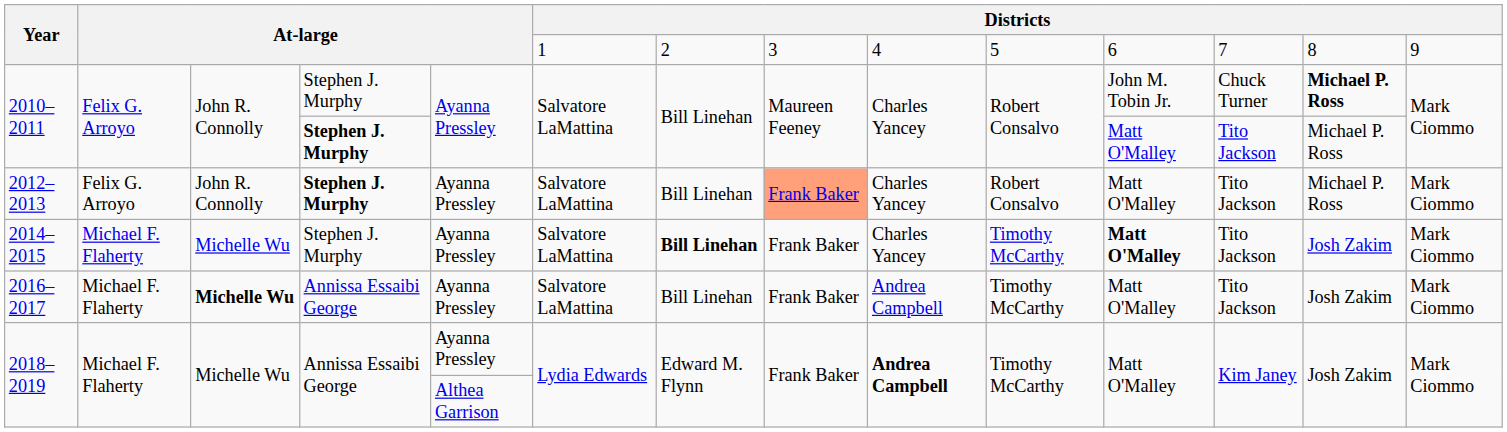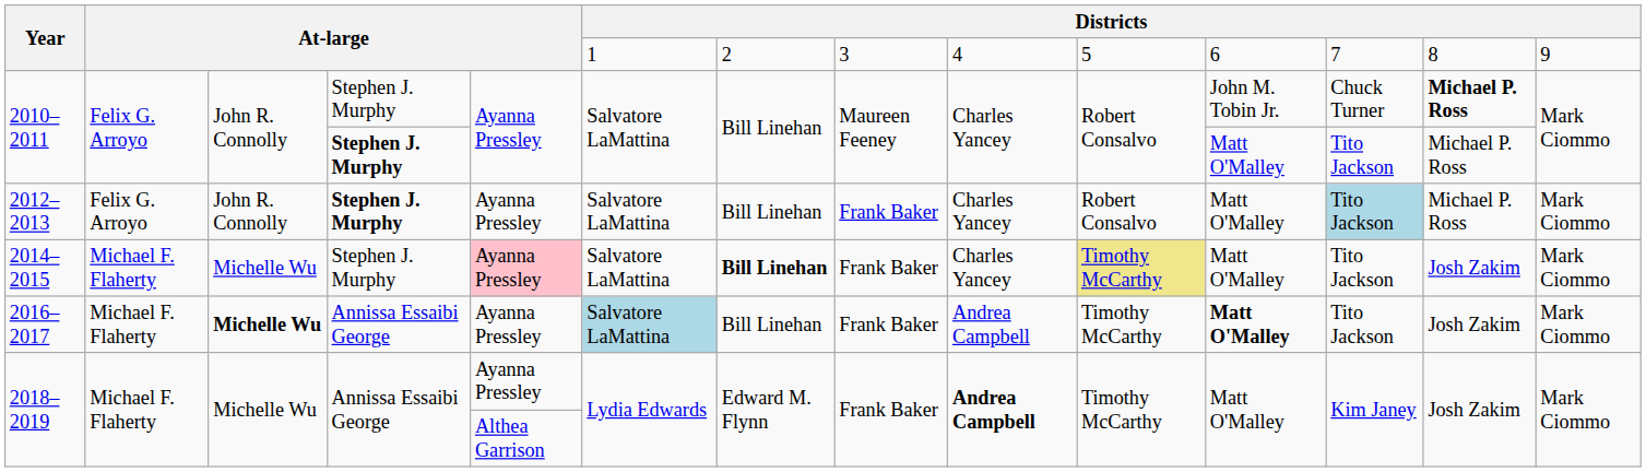 <table class=wikitable style="font-size: 95%;">
 <tr>
 <th rowspan=2>Year</th>
 <th rowspan=2 colspan=4>At-large</th>
 <th colspan=9>Districts</th>
 </tr>
 <tr>
 <td>1</td>
 <td>2</td>
 <td>3</td>
 <td>4</td>
 <td>5</td>
 <td>6</td>
 <td>7</td>
 <td>8</td>
 <td>9</td>
 </tr>
 <tr>
 <td rowspan=2><a href='#'>2010–2011</a></td>
 <td rowspan=2><a href='#'>Felix G. Arroyo</a></td>
 <td rowspan=2>John R. Connolly</td>
 <td>Stephen J. Murphy</td>
 <td rowspan=2><a href='#'>Ayanna Pressley</a></td>
 <td rowspan=2>Salvatore LaMattina</td>
 <td rowspan=2>Bill Linehan</td>
 <td rowspan=2>Maureen Feeney</td>
 <td rowspan=2>Charles Yancey</td>
 <td rowspan=2>Robert Consalvo</td>
 <td>John M. Tobin Jr.</td>
 <td>Chuck Turner</td>
 <td><strong>Michael P. Ross</strong></td>
 <td rowspan=2>Mark Ciommo</td>
 </tr>
 <tr>
 <td><strong>Stephen J. Murphy</strong></td>
 <td><a href='#'>Matt O'Malley</a></td>
 <td><a href='#'>Tito Jackson</a></td>
 <td>Michael P. Ross</td>
 </tr>
 <tr>
 <td><a href='#'>2012–2013</a></td>
 <td>Felix G. Arroyo</td>
 <td>John R. Connolly</td>
 <td><strong>Stephen J. Murphy</strong></td>
 <td>Ayanna Pressley</td>
 <td>Salvatore LaMattina</td>
 <td>Bill Linehan</td>
-<td style="background: lightsalmon;"><a href='#'>Frank Baker</a></td>
+<td><a href='#'>Frank Baker</a></td>
 <td>Charles Yancey</td>
 <td>Robert Consalvo</td>
 <td>Matt O'Malley</td>
-<td>Tito Jackson</td>
+<td style="background: lightblue;">Tito Jackson</td>
 <td>Michael P. Ross</td>
 <td>Mark Ciommo</td>
 </tr>
 <tr>
 <td><a href='#'>2014–2015</a></td>
 <td><a href='#'>Michael F. Flaherty</a></td>
 <td><a href='#'>Michelle Wu</a></td>
 <td>Stephen J. Murphy</td>
-<td>Ayanna Pressley</td>
+<td style="background: pink;">Ayanna Pressley</td>
 <td>Salvatore LaMattina</td>
 <td><strong>Bill Linehan</strong></td>
 <td>Frank Baker</td>
 <td>Charles Yancey</td>
-<td><a href='#'>Timothy McCarthy</a></td>
-<td><strong>Matt O'Malley</strong></td>
+<td style="background: khaki;"><a href='#'>Timothy McCarthy</a></td>
+<td>Matt O'Malley</td>
 <td>Tito Jackson</td>
 <td><a href='#'>Josh Zakim</a></td>
 <td>Mark Ciommo</td>
 </tr>
 <tr>
 <td><a href='#'>2016–2017</a></td>
 <td>Michael F. Flaherty</td>
 <td><strong>Michelle Wu</strong></td>
 <td><a href='#'>Annissa Essaibi George</a></td>
 <td>Ayanna Pressley</td>
-<td>Salvatore LaMattina</td>
+<td style="background: lightblue;">Salvatore LaMattina</td>
 <td>Bill Linehan</td>
 <td>Frank Baker</td>
 <td><a href='#'>Andrea Campbell</a></td>
 <td>Timothy McCarthy</td>
-<td>Matt O'Malley</td>
+<td><strong>Matt O'Malley</strong></td>
 <td>Tito Jackson</td>
 <td>Josh Zakim</td>
 <td>Mark Ciommo</td>
 </tr>
 <tr>
 <td rowspan=2><a href='#'>2018–2019</a></td>
 <td rowspan=2>Michael F. Flaherty</td>
 <td rowspan=2>Michelle Wu</td>
 <td rowspan=2>Annissa Essaibi George</td>
 <td>Ayanna Pressley</td>
 <td rowspan=2><a href='#'>Lydia Edwards</a></td>
 <td rowspan=2>Edward M. Flynn</td>
 <td rowspan=2>Frank Baker</td>
 <td rowspan=2><strong>Andrea Campbell</strong></td>
 <td rowspan=2>Timothy McCarthy</td>
 <td rowspan=2>Matt O'Malley</td>
 <td rowspan=2><a href='#'>Kim Janey</a></td>
 <td rowspan=2>Josh Zakim</td>
 <td rowspan=2>Mark Ciommo</td>
 </tr>
 <tr>
 <td><a href='#'>Althea Garrison</a></td>
 </tr>
 </table>
